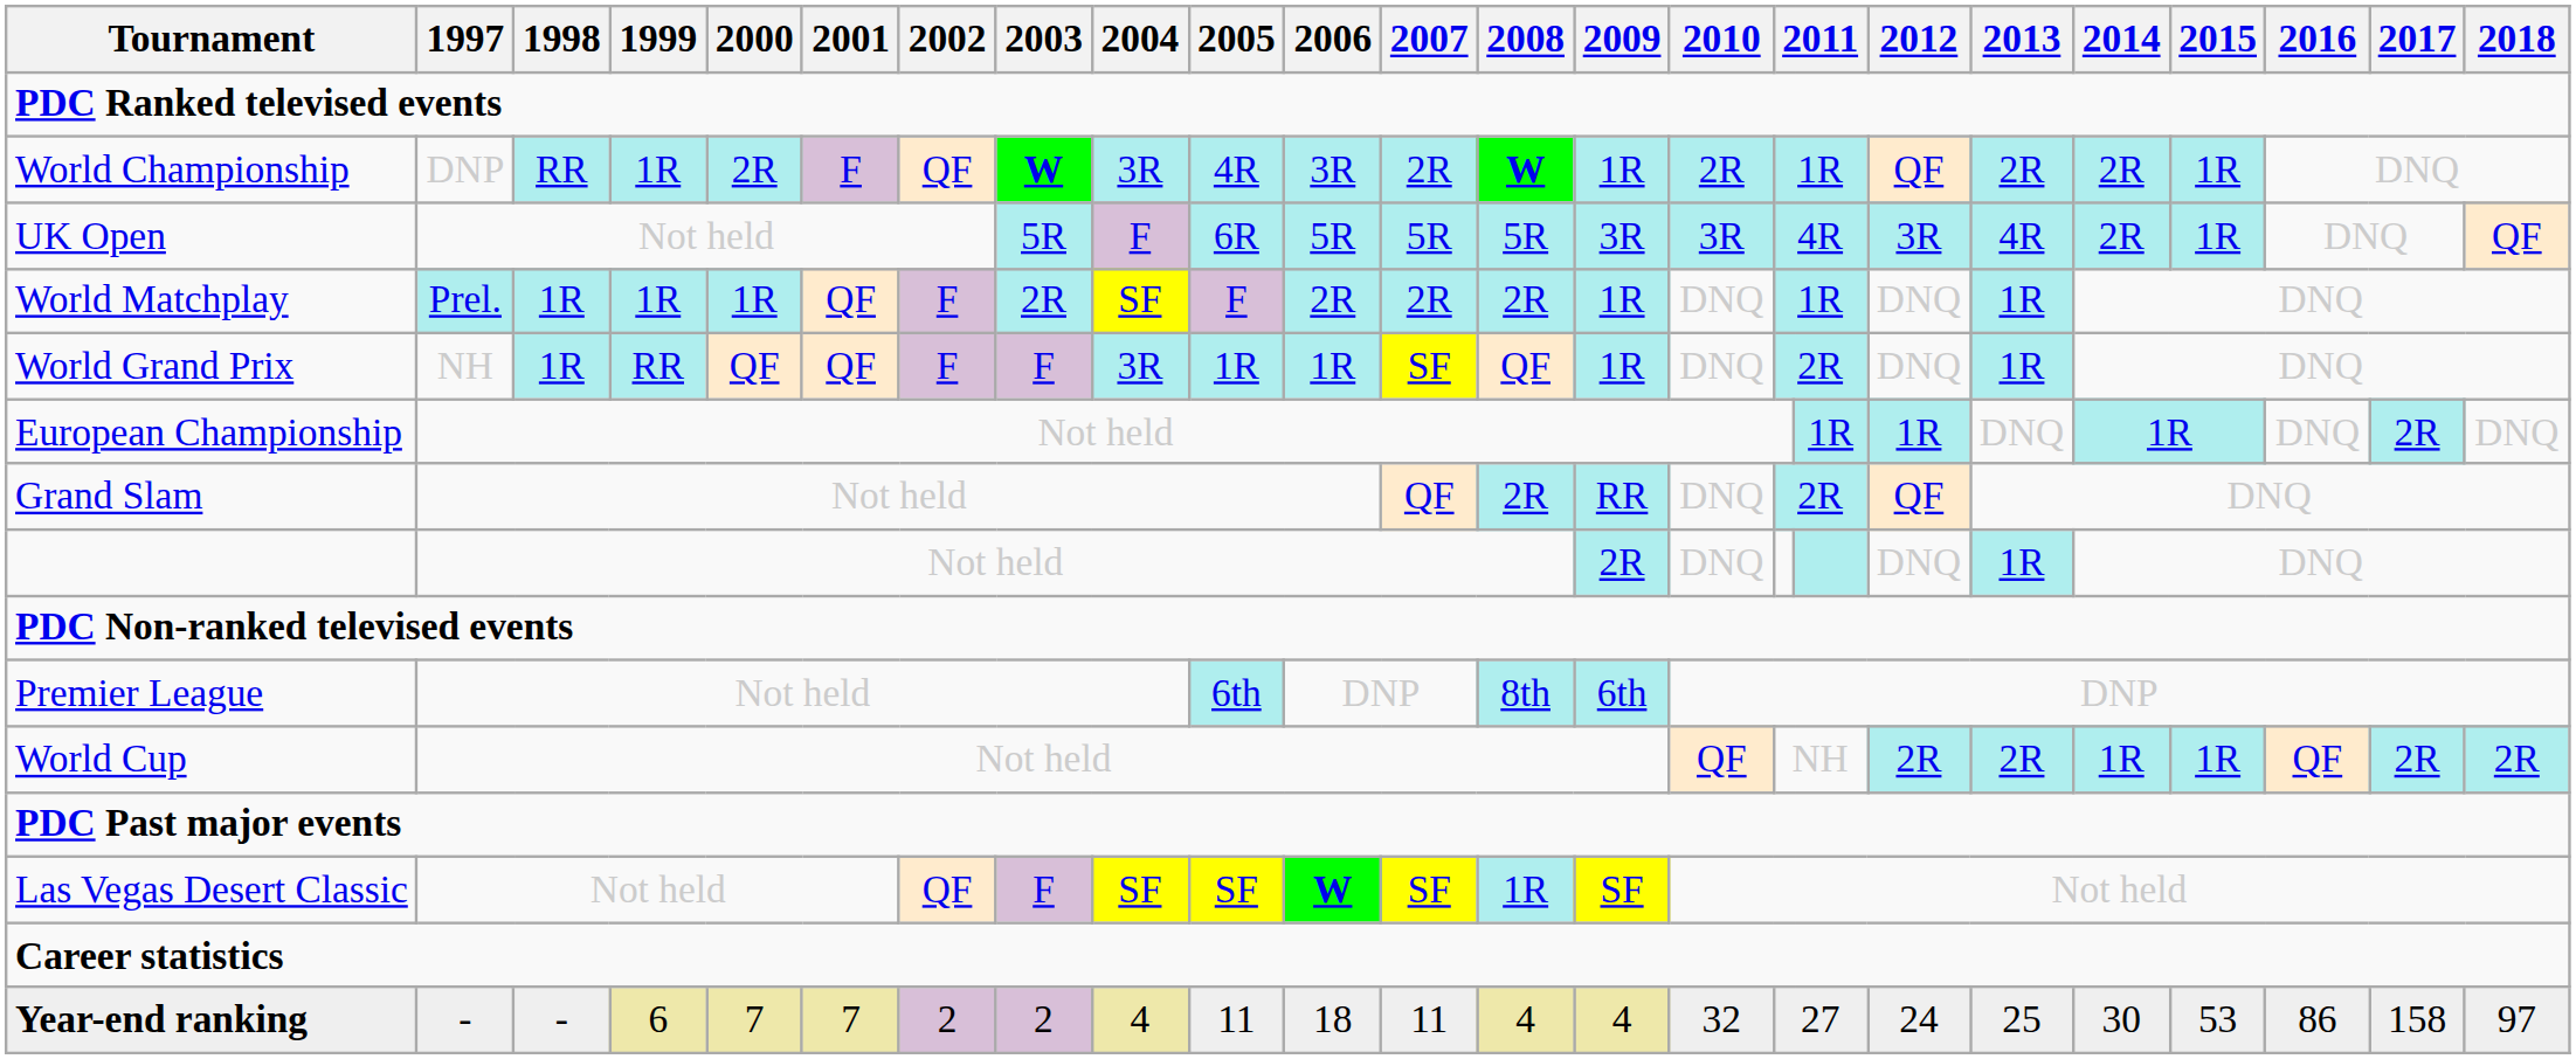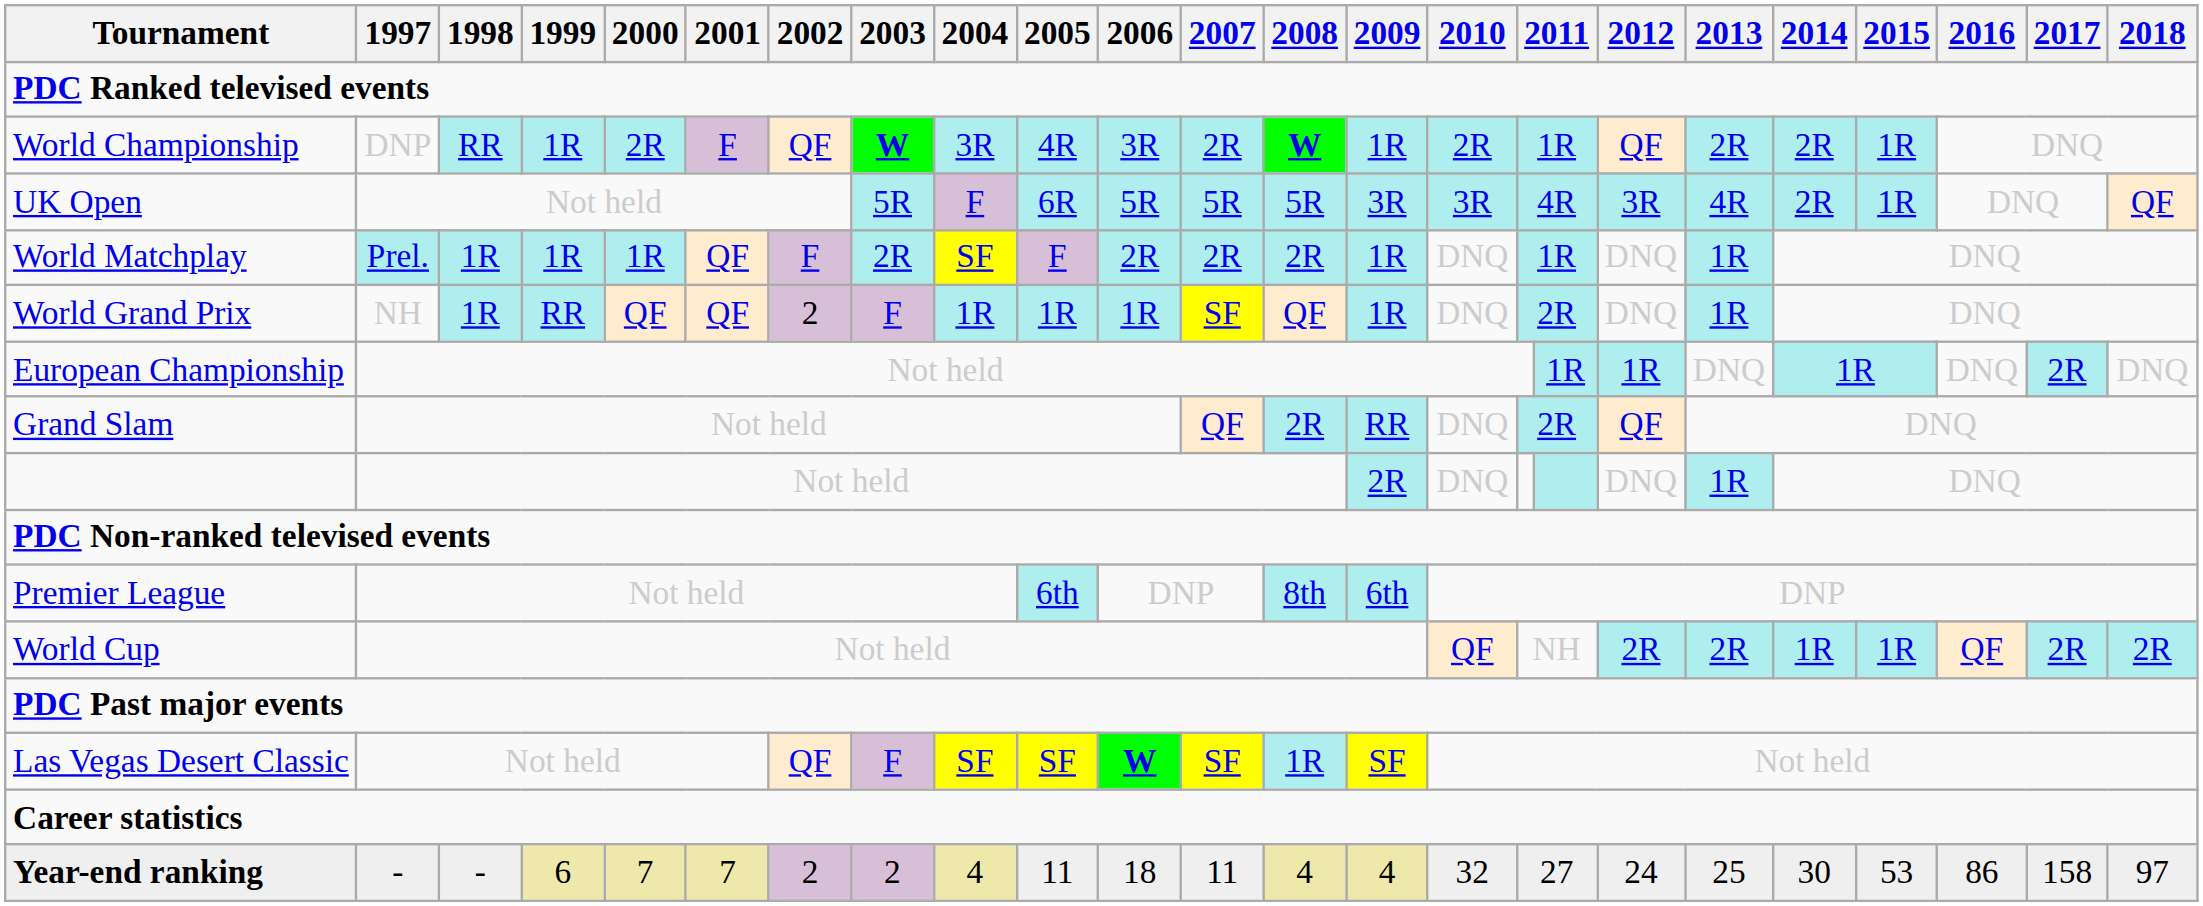 <table class=wikitable style=text-align:center;font-size:88%>
 <tr>
 <th>Tournament</th>
 <th>1997</th>
 <th>1998</th>
 <th>1999</th>
 <th>2000</th>
 <th>2001</th>
 <th>2002</th>
 <th>2003</th>
 <th>2004</th>
 <th>2005</th>
 <th>2006</th>
 <th><a href='#'>2007</a></th>
 <th><a href='#'>2008</a></th>
 <th><a href='#'>2009</a></th>
 <th><a href='#'>2010</a></th>
 <th colspan="2"><a href='#'>2011</a></th>
 <th><a href='#'>2012</a></th>
 <th><a href='#'>2013</a></th>
 <th><a href='#'>2014</a></th>
 <th><a href='#'>2015</a></th>
 <th><a href='#'>2016</a></th>
 <th><a href='#'>2017</a></th>
 <th><a href='#'>2018</a></th>
 </tr>
 <tr>
 <td colspan="28" align="left"><strong><a href='#'>PDC</a> Ranked televised events</strong></td>
 </tr>
 <tr>
 <td align=left><a href='#'>World Championship</a></td>
 <td style="text-align:center; color:#ccc;">DNP</td>
 <td style="text-align:center; background:#afeeee;"><a href='#'>RR</a></td>
 <td style="text-align:center; background:#afeeee;"><a href='#'>1R</a></td>
 <td style="text-align:center; background:#afeeee;"><a href='#'>2R</a></td>
 <td style="text-align:center; background:thistle;"><a href='#'>F</a></td>
 <td style="text-align:center; background:#ffebcd;"><a href='#'>QF</a></td>
 <td style="text-align:center; background:lime;"><strong><a href='#'>W</a></strong></td>
 <td style="text-align:center; background:#afeeee;"><a href='#'>3R</a></td>
 <td style="text-align:center; background:#afeeee;"><a href='#'>4R</a></td>
 <td style="text-align:center; background:#afeeee;"><a href='#'>3R</a></td>
 <td style="text-align:center; background:#afeeee;"><a href='#'>2R</a></td>
 <td style="text-align:center; background:lime;"><strong><a href='#'>W</a></strong></td>
 <td style="text-align:center; background:#afeeee;"><a href='#'>1R</a></td>
 <td style="text-align:center; background:#afeeee;"><a href='#'>2R</a></td>
 <td style="text-align:center; background:#afeeee;" colspan="2"><a href='#'>1R</a></td>
 <td style="text-align:center; background:#ffebcd;"><a href='#'>QF</a></td>
 <td style="text-align:center; background:#afeeee;"><a href='#'>2R</a></td>
 <td style="text-align:center; background:#afeeee;"><a href='#'>2R</a></td>
 <td style="text-align:center; background:#afeeee;"><a href='#'>1R</a></td>
 <td colspan="3" style="text-align:center; color:#ccc;">DNQ</td>
 </tr>
 <tr>
 <td align=left><a href='#'>UK Open</a></td>
 <td colspan="6" style="text-align:center; color:#ccc;">Not held</td>
 <td style="text-align:center; background:#afeeee;"><a href='#'>5R</a></td>
 <td style="text-align:center; background:thistle;"><a href='#'>F</a></td>
 <td style="text-align:center; background:#afeeee;"><a href='#'>6R</a></td>
 <td style="text-align:center; background:#afeeee;"><a href='#'>5R</a></td>
 <td style="text-align:center; background:#afeeee;"><a href='#'>5R</a></td>
 <td style="text-align:center; background:#afeeee;"><a href='#'>5R</a></td>
 <td style="text-align:center; background:#afeeee;"><a href='#'>3R</a></td>
 <td style="text-align:center; background:#afeeee;"><a href='#'>3R</a></td>
 <td style="text-align:center; background:#afeeee;" colspan="2"><a href='#'>4R</a></td>
 <td style="text-align:center; background:#afeeee;"><a href='#'>3R</a></td>
 <td style="text-align:center; background:#afeeee;"><a href='#'>4R</a></td>
 <td style="text-align:center; background:#afeeee;"><a href='#'>2R</a></td>
 <td style="text-align:center; background:#afeeee;"><a href='#'>1R</a></td>
 <td colspan="2" style="text-align:center; color:#ccc;">DNQ</td>
 <td style="text-align:center; background:#ffebcd;"><a href='#'>QF</a></td>
 </tr>
 <tr>
 <td align=left><a href='#'>World Matchplay</a></td>
 <td style="text-align:center; background:#afeeee;"><a href='#'>Prel.</a></td>
 <td style="text-align:center; background:#afeeee;"><a href='#'>1R</a></td>
 <td style="text-align:center; background:#afeeee;"><a href='#'>1R</a></td>
 <td style="text-align:center; background:#afeeee;"><a href='#'>1R</a></td>
 <td style="text-align:center; background:#ffebcd;"><a href='#'>QF</a></td>
 <td style="text-align:center; background:thistle;"><a href='#'>F</a></td>
 <td style="text-align:center; background:#afeeee;"><a href='#'>2R</a></td>
 <td style="text-align:center; background:yellow;"><a href='#'>SF</a></td>
 <td style="text-align:center; background:thistle;"><a href='#'>F</a></td>
 <td style="text-align:center; background:#afeeee;"><a href='#'>2R</a></td>
 <td style="text-align:center; background:#afeeee;"><a href='#'>2R</a></td>
 <td style="text-align:center; background:#afeeee;"><a href='#'>2R</a></td>
 <td style="text-align:center; background:#afeeee;"><a href='#'>1R</a></td>
 <td style="text-align:center; color:#ccc;">DNQ</td>
 <td style="text-align:center; background:#afeeee;" colspan="2"><a href='#'>1R</a></td>
 <td style="text-align:center; color:#ccc;">DNQ</td>
 <td style="text-align:center; background:#afeeee;"><a href='#'>1R</a></td>
 <td colspan="5" style="text-align:center; color:#ccc;">DNQ</td>
 </tr>
 <tr>
 <td align=left><a href='#'>World Grand Prix</a></td>
 <td style="text-align:center; color:#ccc;">NH</td>
 <td style="text-align:center; background:#afeeee;"><a href='#'>1R</a></td>
 <td style="text-align:center; background:#afeeee;"><a href='#'>RR</a></td>
 <td style="text-align:center; background:#ffebcd;"><a href='#'>QF</a></td>
 <td style="text-align:center; background:#ffebcd;"><a href='#'>QF</a></td>
+<td style="text-align:center; background:thistle;">2</td>
 <td style="text-align:center; background:thistle;"><a href='#'>F</a></td>
-<td style="text-align:center; background:thistle;"><a href='#'>F</a></td>
-<td style="text-align:center; background:#afeeee;"><a href='#'>3R</a></td>
+<td style="text-align:center; background:#afeeee;"><a href='#'>1R</a></td>
 <td style="text-align:center; background:#afeeee;"><a href='#'>1R</a></td>
 <td style="text-align:center; background:#afeeee;"><a href='#'>1R</a></td>
 <td style="text-align:center; background:yellow;"><a href='#'>SF</a></td>
 <td style="text-align:center; background:#ffebcd;"><a href='#'>QF</a></td>
 <td style="text-align:center; background:#afeeee;"><a href='#'>1R</a></td>
 <td style="text-align:center; color:#ccc;">DNQ</td>
 <td style="text-align:center; background:#afeeee;" colspan="2"><a href='#'>2R</a></td>
 <td style="text-align:center; color:#ccc;">DNQ</td>
 <td style="text-align:center; background:#afeeee;"><a href='#'>1R</a></td>
 <td colspan="5" style="text-align:center; color:#ccc;">DNQ</td>
 </tr>
 <tr>
 <td align=left><a href='#'>European Championship</a></td>
 <td colspan="15" style="text-align:center; color:#ccc;">Not held</td>
 <td style="text-align:center; background:#afeeee;"><a href='#'>1R</a></td>
 <td style="text-align:center; background:#afeeee;"><a href='#'>1R</a></td>
 <td style="text-align:center; color:#ccc;">DNQ</td>
 <td style="text-align:center; background:#afeeee;" colspan="2"><a href='#'>1R</a></td>
 <td style="text-align:center; color:#ccc;">DNQ</td>
 <td style="text-align:center; background:#afeeee;"><a href='#'>2R</a></td>
 <td colspan="5" style="text-align:center; color:#ccc;">DNQ</td>
 </tr>
 <tr>
 <td align=left><a href='#'>Grand Slam</a></td>
 <td colspan="10" style="text-align:center; color:#ccc;">Not held</td>
 <td style="text-align:center; background:#ffebcd;"><a href='#'>QF</a></td>
 <td style="text-align:center; background:#afeeee;"><a href='#'>2R</a></td>
 <td style="text-align:center; background:#afeeee;"><a href='#'>RR</a></td>
 <td style="text-align:center; color:#ccc;">DNQ</td>
 <td style="text-align:center; background:#afeeee;" colspan="2"><a href='#'>2R</a></td>
 <td style="text-align:center; background:#ffebcd;"><a href='#'>QF</a></td>
 <td colspan="6" style="text-align:center; color:#ccc;">DNQ</td>
 </tr>
 <tr>
 <td align=left></td>
 <td colspan="12" style="text-align:center; color:#ccc;">Not held</td>
 <td style="text-align:center; background:#afeeee;"><a href='#'>2R</a></td>
 <td style="text-align:center; color:#ccc;">DNQ</td>
 <td style="text-align:center; color:#ccc;"></td>
 <td style="text-align:center; background:#afeeee;"></td>
 <td style="text-align:center; color:#ccc;">DNQ</td>
 <td style="text-align:center; background:#afeeee;"><a href='#'>1R</a></td>
 <td colspan="5" style="text-align:center; color:#ccc;">DNQ</td>
 </tr>
 <tr>
 <td colspan="28" align="left"><strong><a href='#'>PDC</a> Non-ranked televised events</strong></td>
 </tr>
 <tr>
 <td align=left><a href='#'>Premier League</a></td>
 <td colspan="8" style="text-align:center; color:#ccc;">Not held</td>
 <td style="text-align:center; background:#afeeee;"><a href='#'>6th</a></td>
 <td colspan="2" style="text-align:center; color:#ccc;">DNP</td>
 <td style="text-align:center; background:#afeeee;"><a href='#'>8th</a></td>
 <td style="text-align:center; background:#afeeee;"><a href='#'>6th</a></td>
 <td colspan="10" style="text-align:center; color:#ccc;">DNP</td>
 </tr>
 <tr>
 <td align=left><a href='#'>World Cup</a></td>
 <td colspan="13" style="text-align:center; color:#ccc;">Not held</td>
 <td style="text-align:center; background:#ffebcd;"><a href='#'>QF</a></td>
 <td colspan="2" style="text-align:center; color:#ccc;">NH</td>
 <td style="text-align:center; background:#afeeee;"><a href='#'>2R</a></td>
 <td style="text-align:center; background:#afeeee;"><a href='#'>2R</a></td>
 <td style="text-align:center; background:#afeeee;"><a href='#'>1R</a></td>
 <td style="text-align:center; background:#afeeee;"><a href='#'>1R</a></td>
 <td style="text-align:center; background:#ffebcd;"><a href='#'>QF</a></td>
 <td style="text-align:center; background:#afeeee;"><a href='#'>2R</a></td>
 <td style="text-align:center; background:#afeeee;"><a href='#'>2R</a></td>
 </tr>
 <tr>
 <td colspan="28" align="left"><strong><a href='#'>PDC</a> Past major events</strong></td>
 </tr>
 <tr>
 <td align=left><a href='#'>Las Vegas Desert Classic</a></td>
 <td colspan="5" style="text-align:center; color:#ccc;">Not held</td>
 <td style="text-align:center; background:#ffebcd;"><a href='#'>QF</a></td>
 <td style="text-align:center; background:thistle;"><a href='#'>F</a></td>
 <td style="text-align:center; background:yellow;"><a href='#'>SF</a></td>
 <td style="text-align:center; background:yellow;"><a href='#'>SF</a></td>
 <td style="text-align:center; background:lime;"><strong><a href='#'>W</a></strong></td>
 <td style="text-align:center; background:yellow;"><a href='#'>SF</a></td>
 <td style="text-align:center; background:#afeeee;"><a href='#'>1R</a></td>
 <td style="text-align:center; background:yellow;"><a href='#'>SF</a></td>
 <td colspan="10" style="text-align:center; color:#ccc;">Not held</td>
 </tr>
 <tr>
 <td colspan="33" align="left"><strong>Career statistics</strong></td>
 </tr>
 <tr bgcolor="efefef">
 <td align="left"><strong>Year-end ranking</strong></td>
 <td style="text-align:center;">-</td>
 <td style="text-align:center;">-</td>
 <td style="text-align:center; background:#eee8aa;">6</td>
 <td style="text-align:center; background:#eee8aa;">7</td>
 <td style="text-align:center; background:#eee8aa;">7</td>
 <td style="text-align:center; background:thistle;">2</td>
 <td style="text-align:center; background:thistle;">2</td>
 <td style="text-align:center; background:#eee8aa;">4</td>
 <td style="text-align:center;">11</td>
 <td style="text-align:center;">18</td>
 <td style="text-align:center;">11</td>
 <td style="text-align:center; background:#eee8aa;">4</td>
 <td style="text-align:center; background:#eee8aa;">4</td>
 <td style="text-align:center;">32</td>
 <td colspan="2" style="text-align:center;">27</td>
 <td style="text-align:center;">24</td>
 <td style="text-align:center;">25</td>
 <td style="text-align:center;">30</td>
 <td style="text-align:center;">53</td>
 <td style="text-align:center;">86</td>
 <td style="text-align:center;">158</td>
 <td style="text-align:center;">97</td>
 </tr>
 <tr>
 </tr>
 </table>
